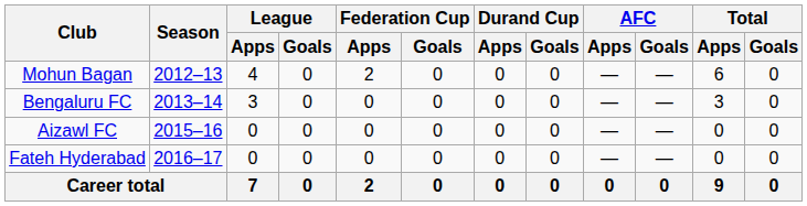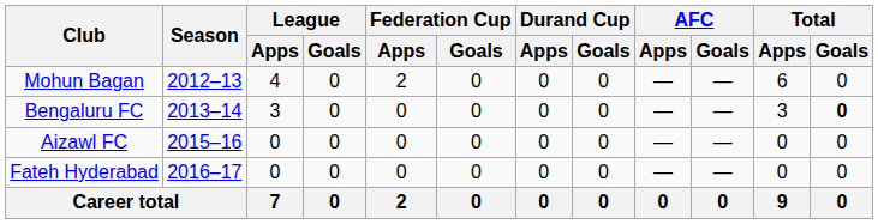 <table class="wikitable" style="text-align: center;">
 <tr>
 <th rowspan="2">Club</th>
 <th rowspan="2">Season</th>
 <th colspan="2">League</th>
 <th colspan="2">Federation Cup</th>
 <th colspan="2">Durand Cup</th>
 <th colspan="2"><a href='#'>AFC</a></th>
 <th colspan="2">Total</th>
 </tr>
 <tr>
 <th>Apps</th>
 <th>Goals</th>
 <th>Apps</th>
 <th>Goals</th>
 <th>Apps</th>
 <th>Goals</th>
 <th>Apps</th>
 <th>Goals</th>
 <th>Apps</th>
 <th>Goals</th>
 </tr>
 <tr>
 <td rowspan="1"><a href='#'>Mohun Bagan</a></td>
 <td><a href='#'>2012–13</a></td>
 <td>4</td>
 <td>0</td>
 <td>2</td>
 <td>0</td>
 <td>0</td>
 <td>0</td>
 <td>—</td>
 <td>—</td>
 <td>6</td>
 <td>0</td>
 </tr>
 <tr>
 <td rowspan="1"><a href='#'>Bengaluru FC</a></td>
 <td><a href='#'>2013–14</a></td>
 <td>3</td>
 <td>0</td>
 <td>0</td>
 <td>0</td>
 <td>0</td>
 <td>0</td>
 <td>—</td>
 <td>—</td>
 <td>3</td>
-<td>0</td>
+<td><strong>0</strong></td>
 </tr>
 <tr>
 <td rowspan="1"><a href='#'>Aizawl FC</a></td>
 <td><a href='#'>2015–16</a></td>
 <td>0</td>
 <td>0</td>
 <td>0</td>
 <td>0</td>
 <td>0</td>
 <td>0</td>
 <td>—</td>
 <td>—</td>
 <td>0</td>
 <td>0</td>
 </tr>
 <tr>
 <td rowspan="1"><a href='#'>Fateh Hyderabad</a></td>
 <td><a href='#'>2016–17</a></td>
 <td>0</td>
 <td>0</td>
 <td>0</td>
 <td>0</td>
 <td>0</td>
 <td>0</td>
 <td>—</td>
 <td>—</td>
 <td>0</td>
 <td>0</td>
 </tr>
 <tr>
 <th colspan="2">Career total</th>
 <th>7</th>
 <th>0</th>
 <th>2</th>
 <th>0</th>
 <th>0</th>
 <th>0</th>
 <th>0</th>
 <th>0</th>
 <th>9</th>
 <th>0</th>
 </tr>
 </table>
